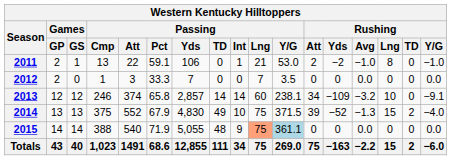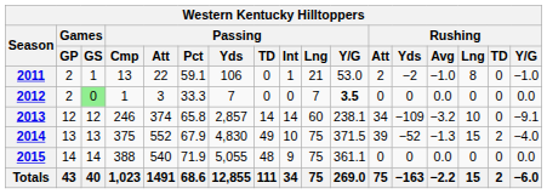 <table class=wikitable style="text-align:center;">
 <tr>
 <th colspan="21">Western Kentucky Hilltoppers</th>
 </tr>
 <tr>
 <th rowspan="2">Season</th>
 <th colspan="2">Games</th>
 <th colspan="8">Passing</th>
 <th colspan="6">Rushing</th>
 </tr>
 <tr>
 <th>GP</th>
 <th>GS</th>
 <th>Cmp</th>
 <th>Att</th>
 <th>Pct</th>
 <th>Yds</th>
 <th>TD</th>
 <th>Int</th>
 <th>Lng</th>
 <th>Y/G</th>
 <th>Att</th>
 <th>Yds</th>
 <th>Avg</th>
 <th>Lng</th>
 <th>TD</th>
 <th>Y/G</th>
 </tr>
 <tr>
 <th><a href='#'>2011</a></th>
 <td>2</td>
 <td>1</td>
 <td>13</td>
 <td>22</td>
 <td>59.1</td>
 <td>106</td>
 <td>0</td>
 <td>1</td>
 <td>21</td>
 <td>53.0</td>
 <td>2</td>
 <td>−2</td>
 <td>−1.0</td>
 <td>8</td>
 <td>0</td>
 <td>−1.0</td>
 </tr>
 <tr>
 <th><a href='#'>2012</a></th>
 <td>2</td>
-<td>0</td>
+<td style="background: lightgreen;">0</td>
 <td>1</td>
 <td>3</td>
 <td>33.3</td>
 <td>7</td>
 <td>0</td>
 <td>0</td>
 <td>7</td>
-<td>3.5</td>
+<td><strong>3.5</strong></td>
 <td>0</td>
 <td>0</td>
 <td>0.0</td>
 <td>0</td>
 <td>0</td>
 <td>0.0</td>
 </tr>
 <tr>
 <th><a href='#'>2013</a></th>
 <td>12</td>
 <td>12</td>
 <td>246</td>
 <td>374</td>
 <td>65.8</td>
 <td>2,857</td>
 <td>14</td>
 <td>14</td>
 <td>60</td>
 <td>238.1</td>
 <td>34</td>
 <td>−109</td>
 <td>−3.2</td>
 <td>10</td>
 <td>0</td>
 <td>−9.1</td>
 </tr>
 <tr>
 <th><a href='#'>2014</a></th>
 <td>13</td>
 <td>13</td>
 <td>375</td>
 <td>552</td>
 <td>67.9</td>
 <td>4,830</td>
 <td>49</td>
 <td>10</td>
 <td>75</td>
 <td>371.5</td>
 <td>39</td>
 <td>−52</td>
 <td>−1.3</td>
 <td>15</td>
 <td>2</td>
 <td>−4.0</td>
 </tr>
 <tr>
 <th><a href='#'>2015</a></th>
 <td>14</td>
 <td>14</td>
 <td>388</td>
 <td>540</td>
 <td>71.9</td>
 <td>5,055</td>
 <td>48</td>
 <td>9</td>
-<td style="background: lightsalmon;">75</td>
-<td style="background: lightblue;">361.1</td>
+<td>75</td>
+<td>361.1</td>
 <td>0</td>
 <td>0</td>
 <td>0.0</td>
 <td>0</td>
 <td>0</td>
 <td>0.0</td>
 </tr>
 <tr>
 <th>Totals</th>
 <th>43</th>
 <th>40</th>
 <th>1,023</th>
 <th>1491</th>
 <th>68.6</th>
 <th>12,855</th>
 <th>111</th>
 <th>34</th>
 <th>75</th>
 <th>269.0</th>
 <th>75</th>
 <th>−163</th>
 <th>−2.2</th>
 <th>15</th>
 <th>2</th>
 <th>−6.0</th>
 </tr>
 </table>
